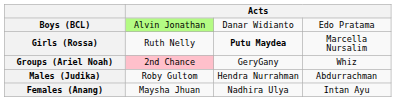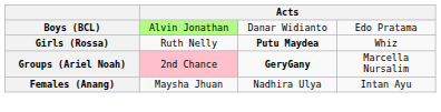 <table class="wikitable" style="text-align:center">
 <tr>
 <th spope="col" style="width:180px;"></th>
 <th scope="col" style="width:375px;" colspan="3">Acts</th>
 </tr>
 <tr>
 <th scope="row" style="width:180px">Boys (BCL)</th>
 <td style="width:130px; background:#B4FB84;">Alvin Jonathan</td>
 <td>Danar Widianto</td>
 <td style="width:130px;">Edo Pratama</td>
 </tr>
 <tr>
 <th scope="row" style="width:180px">Girls (Rossa)</th>
 <td style="width:130px;">Ruth Nelly</td>
 <td style="width:130px;"><strong>Putu Maydea</strong></td>
-<td style="width:130px;">Marcella Nursalim</td>
+<td style="width:130px;">Whiz</td>
 </tr>
 <tr>
 <th scope="row" style="width:180px">Groups (Ariel Noah)</th>
 <td style="width:130px; background:pink;">2nd Chance</td>
-<td style="width:130px;">GeryGany</td>
-<td style="width:130px;">Whiz</td>
-</tr>
-<tr>
-<th scope="row" style="width:180px">Males (Judika)</th>
-<td style="width:130px;">Roby Gultom</td>
-<td style="width:130px;">Hendra Nurrahman</td>
-<td style="width:130px;">Abdurrachman</td>
+<td style="width:130px;"><strong>GeryGany</strong></td>
+<td style="width:130px;">Marcella Nursalim</td>
 </tr>
 <tr>
 <th scope="row" style="width:180px">Females (Anang)</th>
 <td style="width:130px;">Maysha Jhuan</td>
 <td style="width:130px;">Nadhira Ulya</td>
 <td style="width:130px;">Intan Ayu</td>
 </tr>
 </table>
